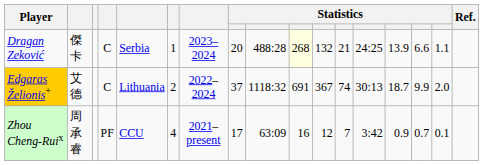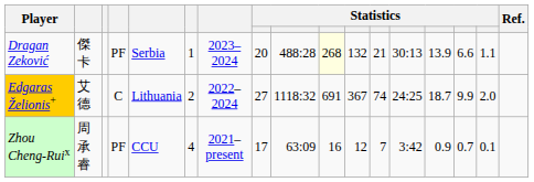 <table class="wikitable sortable" style="font-size:95%; text-align:right;">
 <tr>
 <th rowspan="2">Player</th>
 <th rowspan="2"></th>
 <th rowspan="2"></th>
 <th rowspan="2"></th>
 <th rowspan="2"></th>
 <th rowspan="2"></th>
 <th rowspan="2"></th>
 <th colspan="9">Statistics</th>
 <th rowspan="2">Ref.</th>
 </tr>
 <tr>
 <th></th>
 <th></th>
 <th></th>
 <th></th>
 <th></th>
 <th></th>
 <th></th>
 <th></th>
 <th></th>
 </tr>
 <tr>
 <td align="left"><em><a href='#'>Dragan Zeković</a></em></td>
 <td align="left">傑卡</td>
 <td align="center"></td>
-<td align="center">C</td>
+<td align="center">PF</td>
 <td align="left"><a href='#'>Serbia</a></td>
 <td align="center">1</td>
 <td align="center"><a href='#'>2023–2024</a></td>
 <td>20</td>
 <td>488:28</td>
 <td style="background: lightyellow;">268</td>
 <td>132</td>
 <td>21</td>
-<td>24:25</td>
+<td>30:13</td>
 <td>13.9</td>
 <td>6.6</td>
 <td>1.1</td>
 <td align="center"></td>
 </tr>
 <tr>
 <td align="left" bgcolor="#FFCC00"><em><a href='#'>Edgaras Želionis</a></em><sup>+</sup></td>
 <td align="left">艾德</td>
 <td align="center"></td>
 <td align="center">C</td>
 <td align="left"><a href='#'>Lithuania</a></td>
 <td align="center">2</td>
 <td align="center"><a href='#'>2022</a>–<a href='#'>2024</a></td>
-<td>37</td>
+<td>27</td>
 <td>1118:32</td>
 <td>691</td>
 <td>367</td>
 <td>74</td>
-<td>30:13</td>
+<td>24:25</td>
 <td>18.7</td>
 <td>9.9</td>
 <td>2.0</td>
 <td align="center"></td>
 </tr>
 <tr>
 <td align="left" bgcolor="#CCFFCC"><em>Zhou Cheng-Rui</em><sup>x</sup></td>
 <td align="left">周承睿</td>
 <td align="center"></td>
 <td align="center">PF</td>
 <td align="left"><a href='#'>CCU</a></td>
 <td align="center">4</td>
 <td align="center"><a href='#'>2021</a>–<a href='#'>present</a></td>
 <td>17</td>
 <td>63:09</td>
 <td>16</td>
 <td>12</td>
 <td>7</td>
 <td>3:42</td>
 <td>0.9</td>
 <td>0.7</td>
 <td>0.1</td>
 <td align="center"></td>
 </tr>
 </table>
